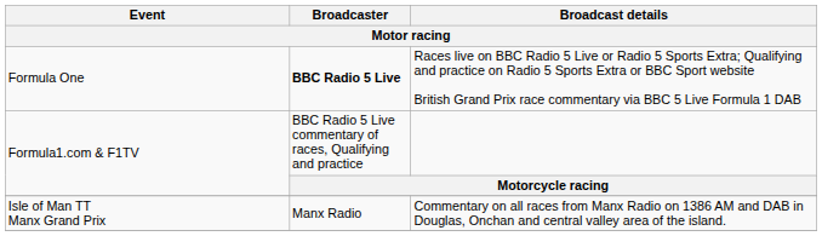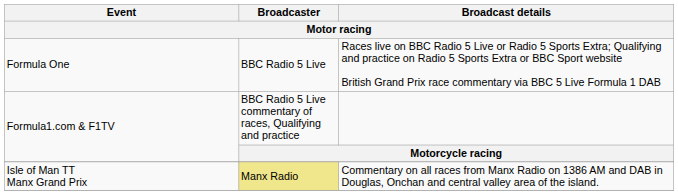 <table class="wikitable sortable collapsible" width=1000px>
 <tr>
 <th width=35%>Event</th>
 <th width=15%>Broadcaster</th>
 <th width=50%>Broadcast details</th>
 </tr>
 <tr>
 <th colspan=3 style="text-align: center;">Motor racing</th>
 </tr>
 <tr>
 <td>Formula One</td>
-<td><strong>BBC Radio 5 Live</strong></td>
+<td>BBC Radio 5 Live</td>
 <td>Races live on BBC Radio 5 Live or Radio 5 Sports Extra; Qualifying and practice on Radio 5 Sports Extra or BBC Sport website<br><br>British Grand Prix race commentary via BBC 5 Live Formula 1 DAB</td>
 </tr>
 <tr>
 <td rowspan=2>Formula1.com & F1TV</td>
 <td>BBC Radio 5 Live commentary of races, Qualifying and practice</td>
 </tr>
 <tr>
 <th colspan=3 style="text-align: center;">Motorcycle racing</th>
 </tr>
 <tr>
 </tr>
 <tr>
 <td>Isle of Man TT <br> Manx Grand Prix</td>
-<td>Manx Radio</td>
+<td style="background: khaki;">Manx Radio</td>
 <td>Commentary on all races from Manx Radio on 1386 AM and DAB in Douglas, Onchan and central valley area of the island.</td>
 </tr>
 <tr>
 </tr>
 </table>
